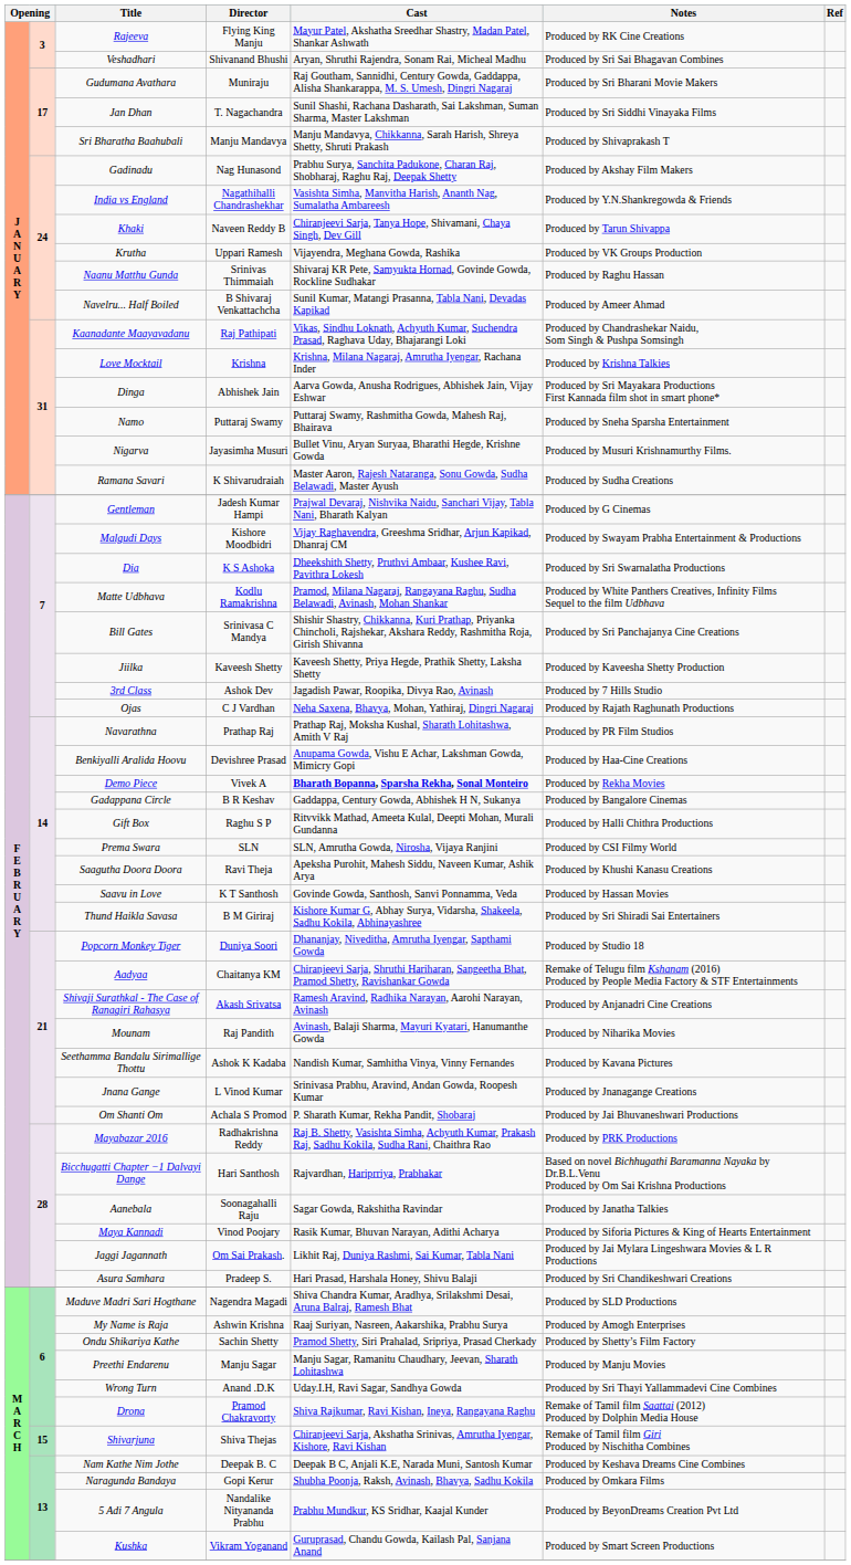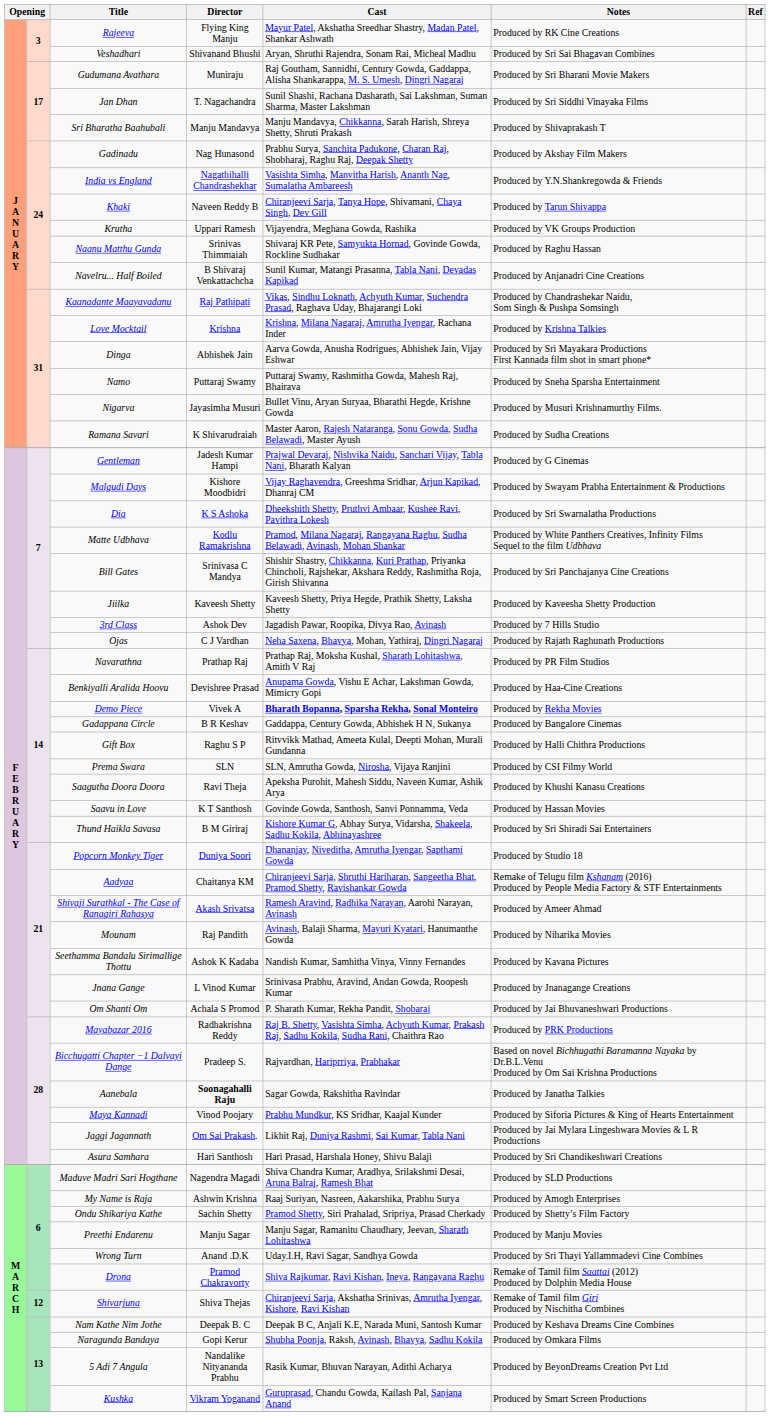 <table class="wikitable sortable">
 <tr style="background:#b0e0e6; text-align:center;">
 <th colspan="2" style="width:6%;"><strong>Opening</strong></th>
 <th style="width:18%;"><strong>Title</strong></th>
 <th style="width:10%;"><strong>Director</strong></th>
 <th style="width:30%;"><strong>Cast</strong></th>
 <th>Notes</th>
 <th>Ref</th>
 </tr>
 <tr January!>
 <td rowspan="17"   style="text-align:center;background:#ffa07a;textcolor:#000;"><strong>J<br>A<br>N<br>U<br>A<br>R<br>Y</strong></td>
 <td rowspan="2" style="text-align:center;background:#ffdacc;"><strong>3</strong></td>
 <td align="center"><em><a href='#'>Rajeeva</a></em></td>
 <td align="center">Flying King Manju</td>
 <td><a href='#'>Mayur Patel</a>, Akshatha Sreedhar Shastry, <a href='#'>Madan Patel</a>, Shankar Ashwath</td>
 <td>Produced by RK Cine Creations</td>
 <td align="center"></td>
 </tr>
 <tr>
 <td align="center"><em>Veshadhari</em></td>
 <td align="center">Shivanand Bhushi</td>
 <td>Aryan, Shruthi Rajendra, Sonam Rai, Micheal Madhu</td>
 <td>Produced by Sri Sai Bhagavan Combines</td>
 <td align="center"></td>
 </tr>
 <tr>
 <td rowspan="3" style="text-align:center;  background:#ffdacc; textcolor:#000;"><strong>17</strong></td>
 <td align="center"><em>Gudumana Avathara</em></td>
 <td align="center">Muniraju</td>
 <td>Raj Goutham, Sannidhi, Century Gowda, Gaddappa, Alisha Shankarappa, <a href='#'>M. S. Umesh</a>, <a href='#'>Dingri Nagaraj</a></td>
 <td>Produced by Sri Bharani Movie Makers</td>
 <td align="center"></td>
 </tr>
 <tr>
 <td align="center"><em>Jan Dhan</em></td>
 <td align="center">T. Nagachandra</td>
 <td>Sunil Shashi, Rachana Dasharath, Sai Lakshman, Suman Sharma, Master Lakshman</td>
 <td>Produced by Sri Siddhi Vinayaka Films</td>
 <td align="center"></td>
 </tr>
 <tr>
 <td align="center"><em>Sri Bharatha Baahubali</em></td>
 <td align="center">Manju Mandavya</td>
 <td>Manju Mandavya, <a href='#'>Chikkanna</a>, Sarah Harish, Shreya Shetty, Shruti Prakash</td>
 <td>Produced by Shivaprakash T</td>
 <td align="center"></td>
 </tr>
 <tr>
 <td rowspan="6" style="text-align:center;  background:#ffdacc; textcolor:#000;"><strong>24</strong></td>
 <td align="center"><em>Gadinadu</em></td>
 <td align="center">Nag Hunasond</td>
 <td>Prabhu Surya, <a href='#'>Sanchita Padukone</a>, <a href='#'>Charan Raj</a>, Shobharaj, Raghu Raj, <a href='#'>Deepak Shetty</a></td>
 <td>Produced by Akshay Film Makers</td>
 <td align="center"></td>
 </tr>
 <tr>
 <td align="center"><em><a href='#'>India vs England</a></em></td>
 <td align="center"><a href='#'>Nagathihalli Chandrashekhar</a></td>
 <td><a href='#'>Vasishta Simha</a>, <a href='#'>Manvitha Harish</a>, <a href='#'>Ananth Nag</a>, <a href='#'>Sumalatha Ambareesh</a></td>
 <td>Produced by Y.N.Shankregowda & Friends</td>
 <td align="center"></td>
 </tr>
 <tr>
 <td align="center"><em><a href='#'>Khaki</a></em></td>
 <td align="center">Naveen Reddy B</td>
 <td><a href='#'>Chiranjeevi Sarja</a>, <a href='#'>Tanya Hope</a>, Shivamani, <a href='#'>Chaya Singh</a>, <a href='#'>Dev Gill</a></td>
 <td>Produced by <a href='#'>Tarun Shivappa</a></td>
 <td align="center"></td>
 </tr>
 <tr>
 <td align="center"><em>Krutha</em></td>
 <td align="center">Uppari Ramesh</td>
 <td>Vijayendra, Meghana Gowda, Rashika</td>
 <td>Produced by VK Groups Production</td>
 <td align="center"></td>
 </tr>
 <tr>
 <td align="center"><em><a href='#'>Naanu Matthu Gunda</a></em></td>
 <td align="center">Srinivas Thimmaiah</td>
 <td>Shivaraj KR Pete, <a href='#'>Samyukta Hornad</a>, Govinde Gowda, Rockline Sudhakar</td>
 <td>Produced by Raghu Hassan</td>
 <td align="center"></td>
 </tr>
 <tr>
 <td align="center"><em>Navelru... Half Boiled</em></td>
 <td align="center">B Shivaraj Venkattachcha</td>
 <td>Sunil Kumar, Matangi Prasanna, <a href='#'>Tabla Nani</a>, <a href='#'>Devadas Kapikad</a></td>
-<td>Produced by Ameer Ahmad</td>
+<td>Produced by Anjanadri Cine Creations</td>
 <td align="center"></td>
 </tr>
 <tr>
 <td rowspan="6" style="text-align:center;  background:#ffdacc; textcolor:#000;"><strong>31</strong></td>
 <td align="center"><em><a href='#'>Kaanadante Maayavadanu</a></em></td>
 <td align="center"><a href='#'>Raj Pathipati</a></td>
 <td><a href='#'>Vikas</a>, <a href='#'>Sindhu Loknath</a>, <a href='#'>Achyuth Kumar</a>, <a href='#'>Suchendra Prasad</a>, Raghava Uday, Bhajarangi Loki</td>
 <td>Produced by Chandrashekar Naidu,<br>Som Singh & Pushpa Somsingh</td>
 <td align="center"></td>
 </tr>
 <tr>
 <td align="center"><em><a href='#'>Love Mocktail</a></em></td>
 <td align="center"><a href='#'>Krishna</a></td>
 <td><a href='#'>Krishna</a>, <a href='#'>Milana Nagaraj</a>, <a href='#'>Amrutha Iyengar</a>, Rachana Inder</td>
 <td>Produced by <a href='#'>Krishna Talkies</a></td>
 <td align="center"></td>
 </tr>
 <tr>
 <td align="center"><em>Dinga</em></td>
 <td align="center">Abhishek Jain</td>
 <td>Aarva Gowda, Anusha Rodrigues, Abhishek Jain, Vijay Eshwar</td>
 <td>Produced by Sri Mayakara Productions <br> First Kannada film shot in smart phone*</td>
 <td align="center"></td>
 </tr>
 <tr>
 <td align="center"><em>Namo</em></td>
 <td align="center">Puttaraj Swamy</td>
 <td>Puttaraj Swamy, Rashmitha Gowda, Mahesh Raj, Bhairava</td>
 <td>Produced by Sneha Sparsha Entertainment</td>
 <td align="center"></td>
 </tr>
 <tr>
 <td align="center"><em>Nigarva</em></td>
 <td align="center">Jayasimha Musuri</td>
 <td>Bullet Vinu, Aryan Suryaa, Bharathi Hegde, Krishne Gowda</td>
 <td>Produced by Musuri Krishnamurthy Films.</td>
 <td align="center"></td>
 </tr>
 <tr>
 <td align="center"><em>Ramana Savari</em></td>
 <td align="center">K Shivarudraiah</td>
 <td>Master Aaron, <a href='#'>Rajesh Nataranga</a>, <a href='#'>Sonu Gowda</a>, <a href='#'>Sudha Belawadi</a>, Master Ayush</td>
 <td>Produced by Sudha Creations</td>
 <td align="center"></td>
 </tr>
 <tr>
 </tr>
 <tr February!>
 <td rowspan="30" style="text-align:center; background:#dcc7df; textcolor:#000;"><strong>F<br>E<br>B<br>R<br>U<br>A<br>R<br>Y</strong></td>
 <td rowspan="8"  style="text-align:center; background:#ede3ef;"><strong>7</strong></td>
 <td align="center"><em><a href='#'>Gentleman</a></em></td>
 <td align="center">Jadesh Kumar Hampi</td>
 <td><a href='#'>Prajwal Devaraj</a>, <a href='#'>Nishvika Naidu</a>, <a href='#'>Sanchari Vijay</a>, <a href='#'>Tabla Nani</a>, Bharath Kalyan</td>
 <td>Produced by G Cinemas</td>
 <td align="center"></td>
 </tr>
 <tr>
 <td align="center"><em><a href='#'>Malgudi Days</a></em></td>
 <td align="center">Kishore Moodbidri</td>
 <td><a href='#'>Vijay Raghavendra</a>, Greeshma Sridhar, <a href='#'>Arjun Kapikad</a>, Dhanraj CM</td>
 <td>Produced by Swayam Prabha Entertainment & Productions</td>
 <td align="center"></td>
 </tr>
 <tr>
 <td align="center"><em><a href='#'>Dia</a></em></td>
 <td align="center"><a href='#'>K S Ashoka</a></td>
 <td><a href='#'>Dheekshith Shetty</a>, <a href='#'>Pruthvi Ambaar</a>, <a href='#'>Kushee Ravi</a>, <a href='#'>Pavithra Lokesh</a></td>
 <td>Produced by Sri Swarnalatha Productions</td>
 <td align="center"></td>
 </tr>
 <tr>
 <td align="center"><em>Matte Udbhava</em></td>
 <td align="center"><a href='#'>Kodlu Ramakrishna</a></td>
 <td><a href='#'>Pramod</a>, <a href='#'>Milana Nagaraj</a>, <a href='#'>Rangayana Raghu</a>, <a href='#'>Sudha Belawadi</a>, <a href='#'>Avinash</a>, <a href='#'>Mohan Shankar</a></td>
 <td>Produced by White Panthers Creatives, Infinity Films <br> Sequel to the film <em>Udbhava</em></td>
 <td align="center"></td>
 </tr>
 <tr>
 <td align="center"><em>Bill Gates</em></td>
 <td align="center">Srinivasa C Mandya</td>
 <td>Shishir Shastry, <a href='#'>Chikkanna</a>, <a href='#'>Kuri Prathap</a>, Priyanka Chincholi, Rajshekar, Akshara Reddy, Rashmitha Roja, Girish Shivanna</td>
 <td>Produced by Sri Panchajanya Cine Creations</td>
 <td align="center"></td>
 </tr>
 <tr>
 <td align="center"><em>Jiilka</em></td>
 <td align="center">Kaveesh Shetty</td>
 <td>Kaveesh Shetty, Priya Hegde, Prathik Shetty, Laksha Shetty</td>
 <td>Produced by Kaveesha Shetty Production</td>
 <td align="center"></td>
 </tr>
 <tr>
 <td align="center"><em><a href='#'>3rd Class</a></em></td>
 <td align="center">Ashok Dev</td>
 <td>Jagadish Pawar, Roopika, Divya Rao, <a href='#'>Avinash</a></td>
 <td>Produced by 7 Hills Studio</td>
 <td align="center"></td>
 </tr>
 <tr>
 <td align="center"><em>Ojas</em></td>
 <td align="center">C J Vardhan</td>
 <td><a href='#'>Neha Saxena</a>, <a href='#'>Bhavya</a>, Mohan, Yathiraj, <a href='#'>Dingri Nagaraj</a></td>
 <td>Produced by Rajath Raghunath Productions</td>
 <td align="center"></td>
 </tr>
 <tr>
 <td rowspan="9"  style="text-align:center; background:#ede3ef;"><strong>14</strong></td>
 <td align="center"><em>Navarathna</em></td>
 <td align="center">Prathap Raj</td>
 <td>Prathap Raj, Moksha Kushal, <a href='#'>Sharath Lohitashwa</a>, Amith V Raj</td>
 <td>Produced by PR Film Studios</td>
 <td align="center"></td>
 </tr>
 <tr>
 <td align="center"><em>Benkiyalli Aralida Hoovu</em></td>
 <td align="center">Devishree Prasad</td>
 <td><a href='#'>Anupama Gowda</a>, Vishu E Achar, Lakshman Gowda, Mimicry Gopi</td>
 <td>Produced by Haa-Cine Creations</td>
 <td align="center"></td>
 </tr>
 <tr>
 <td align="center"><em><a href='#'>Demo Piece</a></em></td>
 <td align="center">Vivek A</td>
 <td><strong><a href='#'>Bharath Bopanna</a>, <a href='#'>Sparsha Rekha</a>, <a href='#'>Sonal Monteiro</a></strong></td>
 <td>Produced by <a href='#'>Rekha Movies</a></td>
 <td align="center"></td>
 </tr>
 <tr>
 <td align="center"><em>Gadappana Circle</em></td>
 <td align="center">B R Keshav</td>
 <td>Gaddappa, Century Gowda, Abhishek H N, Sukanya</td>
 <td>Produced by Bangalore Cinemas</td>
 <td align="center"></td>
 </tr>
 <tr>
 <td align="center"><em>Gift Box</em></td>
 <td align="center">Raghu S P</td>
 <td>Ritvvikk Mathad, Ameeta Kulal, Deepti Mohan, Murali Gundanna</td>
 <td>Produced by Halli Chithra Productions</td>
 <td align="center"></td>
 </tr>
 <tr>
 <td align="center"><em>Prema Swara</em></td>
 <td align="center">SLN</td>
 <td>SLN, Amrutha Gowda, <a href='#'>Nirosha</a>, Vijaya Ranjini</td>
 <td>Produced by CSI Filmy World</td>
 <td align="center"></td>
 </tr>
 <tr>
 <td align="center"><em>Saagutha Doora Doora</em></td>
 <td align="center">Ravi Theja</td>
 <td>Apeksha Purohit, Mahesh Siddu, Naveen Kumar, Ashik Arya</td>
 <td>Produced by Khushi Kanasu Creations</td>
 <td align="center"></td>
 </tr>
 <tr>
 <td align="center"><em>Saavu in Love</em></td>
 <td align="center">K T Santhosh</td>
 <td>Govinde Gowda, Santhosh, Sanvi Ponnamma, Veda</td>
 <td>Produced by Hassan Movies</td>
 <td align="center"></td>
 </tr>
 <tr>
 <td align="center"><em>Thund Haikla Savasa</em></td>
 <td align="center">B M Giriraj</td>
 <td><a href='#'>Kishore Kumar G</a>, Abhay Surya, Vidarsha, <a href='#'>Shakeela</a>, <a href='#'>Sadhu Kokila</a>, <a href='#'>Abhinayashree</a></td>
 <td>Produced by Sri Shiradi Sai Entertainers</td>
 <td align="center"></td>
 </tr>
 <tr>
 <td rowspan="7"  style="text-align:center; background:#ede3ef;"><strong>21</strong></td>
 <td align="center"><em><a href='#'>Popcorn Monkey Tiger</a></em></td>
 <td align="center"><a href='#'>Duniya Soori</a></td>
 <td><a href='#'>Dhananjay</a>, <a href='#'>Niveditha</a>, <a href='#'>Amrutha Iyengar</a>, <a href='#'>Sapthami Gowda</a></td>
 <td>Produced by Studio 18</td>
 <td align="center"></td>
 </tr>
 <tr>
 <td align="center"><em><a href='#'>Aadyaa</a></em></td>
 <td align="center">Chaitanya KM</td>
 <td><a href='#'>Chiranjeevi Sarja</a>, <a href='#'>Shruthi Hariharan</a>, <a href='#'>Sangeetha Bhat</a>, <a href='#'>Pramod Shetty</a>, <a href='#'>Ravishankar Gowda</a></td>
 <td>Remake of Telugu film <em><a href='#'>Kshanam</a></em> (2016) <br> Produced by People Media Factory & STF Entertainments</td>
 <td align="center"></td>
 </tr>
 <tr>
 <td align="center"><em><a href='#'>Shivaji Surathkal - The Case of Ranagiri Rahasya</a> </em></td>
 <td align="center"><a href='#'>Akash Srivatsa</a></td>
 <td><a href='#'>Ramesh Aravind</a>, <a href='#'>Radhika Narayan</a>, Aarohi Narayan, <a href='#'>Avinash</a></td>
-<td>Produced by Anjanadri Cine Creations</td>
+<td>Produced by Ameer Ahmad</td>
 <td align="center"></td>
 </tr>
 <tr>
 <td align="center"><em>Mounam</em></td>
 <td align="center">Raj Pandith</td>
 <td><a href='#'>Avinash</a>, Balaji Sharma, <a href='#'>Mayuri Kyatari</a>, Hanumanthe Gowda</td>
 <td>Produced by Niharika Movies</td>
 <td align="center"></td>
 </tr>
 <tr>
 <td align="center"><em>Seethamma Bandalu Sirimallige Thottu</em></td>
 <td align="center">Ashok K Kadaba</td>
 <td>Nandish Kumar, Samhitha Vinya, Vinny Fernandes</td>
 <td>Produced by Kavana Pictures</td>
 <td align="center"></td>
 </tr>
 <tr>
 <td align="center"><em>Jnana Gange</em></td>
 <td align="center">L Vinod Kumar</td>
 <td>Srinivasa Prabhu, Aravind, Andan Gowda, Roopesh Kumar</td>
 <td>Produced by Jnanagange Creations</td>
 <td align="center"></td>
 </tr>
 <tr>
 <td align="center"><em>Om Shanti Om</em></td>
 <td align="center">Achala S Promod</td>
 <td>P. Sharath Kumar, Rekha Pandit, <a href='#'>Shobaraj</a></td>
 <td>Produced by Jai Bhuvaneshwari Productions</td>
 <td align="center"></td>
 </tr>
 <tr>
 <td rowspan="6" style="text-align:center; background:#ede3ef;"><strong>28</strong></td>
 <td align="center"><em><a href='#'>Mayabazar 2016</a></em></td>
 <td align="center">Radhakrishna Reddy</td>
 <td><a href='#'>Raj B. Shetty</a>, <a href='#'>Vasishta Simha</a>, <a href='#'>Achyuth Kumar</a>, <a href='#'>Prakash Raj</a>, <a href='#'>Sadhu Kokila</a>, <a href='#'>Sudha Rani</a>, Chaithra Rao</td>
 <td>Produced by <a href='#'>PRK Productions</a></td>
 <td align="center"></td>
 </tr>
 <tr>
 <td align="center"><em><a href='#'>Bicchugatti Chapter −1 Dalvayi Dange</a></em></td>
-<td align="center">Hari Santhosh</td>
+<td align="center">Pradeep S.</td>
 <td>Rajvardhan, <a href='#'>Hariprriya</a>, <a href='#'>Prabhakar</a></td>
 <td>Based on novel <em>Bichhugathi Baramanna Nayaka</em> by Dr.B.L.Venu <br> Produced by Om Sai Krishna Productions</td>
 <td align="center"></td>
 </tr>
 <tr>
 <td align="center"><em>Aanebala</em></td>
-<td align="center">Soonagahalli Raju</td>
+<td align="center"><strong>Soonagahalli Raju</strong></td>
 <td>Sagar Gowda, Rakshitha Ravindar</td>
 <td>Produced by Janatha Talkies</td>
 <td align="center"></td>
 </tr>
 <tr>
 <td align="center"><em><a href='#'>Maya Kannadi</a></em></td>
 <td align="center">Vinod Poojary</td>
-<td>Rasik Kumar, Bhuvan Narayan, Adithi Acharya</td>
+<td><a href='#'>Prabhu Mundkur</a>, KS Sridhar, Kaajal Kunder</td>
 <td>Produced by Siforia Pictures & King of Hearts Entertainment</td>
 <td align="center"></td>
 </tr>
 <tr>
 <td align="center"><em>Jaggi Jagannath</em></td>
 <td align="center"><a href='#'>Om Sai Prakash</a>.</td>
 <td>Likhit Raj, <a href='#'>Duniya Rashmi</a>, <a href='#'>Sai Kumar</a>, <a href='#'>Tabla Nani</a></td>
 <td>Produced by Jai Mylara Lingeshwara Movies & L R Productions</td>
 <td align="center"></td>
 </tr>
 <tr>
 <td align="center"><em>Asura Samhara</em></td>
-<td align="center">Pradeep S.</td>
+<td align="center">Hari Santhosh</td>
 <td>Hari Prasad, Harshala Honey, Shivu Balaji</td>
 <td>Produced by Sri Chandikeshwari Creations</td>
 <td align="center"></td>
 </tr>
 <tr>
 </tr>
 <tr MARCH!>
 <td rowspan="11"   style="text-align:center; background:#98fb98; textcolor:#000;"><strong>M<br>A<br>R<br>C<br>H</strong></td>
 <td rowspan="6" style="text-align:center; background:#a8e4bc;"><strong>6</strong></td>
 <td align="center"><em>Maduve Madri Sari Hogthane</em></td>
 <td align="center">Nagendra Magadi</td>
 <td>Shiva Chandra Kumar, Aradhya, Srilakshmi Desai, <a href='#'>Aruna Balraj</a>, <a href='#'>Ramesh Bhat</a></td>
 <td>Produced by SLD Productions</td>
 <td align="center"></td>
 </tr>
 <tr>
 <td align="center"><em>My Name is Raja</em></td>
 <td align="center">Ashwin Krishna</td>
 <td>Raaj Suriyan, Nasreen, Aakarshika, Prabhu Surya</td>
 <td>Produced by Amogh Enterprises</td>
 <td align="center"></td>
 </tr>
 <tr>
 <td align="center"><em>Ondu Shikariya Kathe</em></td>
 <td align="center">Sachin Shetty</td>
 <td><a href='#'>Pramod Shetty</a>, Siri Prahalad, Sripriya, Prasad Cherkady</td>
 <td>Produced by Shetty’s Film Factory</td>
 <td align="center"></td>
 </tr>
 <tr>
 <td align="center"><em>Preethi Endarenu</em></td>
 <td align="center">Manju Sagar</td>
 <td>Manju Sagar, Ramanitu Chaudhary, Jeevan, <a href='#'>Sharath Lohitashwa</a></td>
 <td>Produced by Manju Movies</td>
 <td align="center"></td>
 </tr>
 <tr>
 <td align="center"><em>Wrong Turn</em></td>
 <td align="center">Anand .D.K</td>
 <td>Uday.I.H, Ravi Sagar, Sandhya Gowda</td>
 <td>Produced by Sri Thayi Yallammadevi Cine Combines</td>
 <td align="center"></td>
 </tr>
 <tr>
 <td align="center"><em><a href='#'>Drona</a></em></td>
 <td align="center"><a href='#'>Pramod Chakravorty</a></td>
 <td><a href='#'>Shiva Rajkumar</a>, <a href='#'>Ravi Kishan</a>, <a href='#'>Ineya</a>, <a href='#'>Rangayana Raghu</a></td>
 <td>Remake of Tamil film <em><a href='#'>Saattai</a></em> (2012)<br> Produced by Dolphin Media House</td>
 <td align="center"></td>
 </tr>
 <tr>
-<td rowspan="1" style="text-align:center; background:#a8e4bc;"><strong>15</strong></td>
+<td rowspan="1" style="text-align:center; background:#a8e4bc;"><strong>12</strong></td>
 <td align="center"><em><a href='#'>Shivarjuna</a></em></td>
 <td align="center">Shiva Thejas</td>
 <td><a href='#'>Chiranjeevi Sarja</a>, Akshatha Srinivas, <a href='#'>Amrutha Iyengar</a>, <a href='#'>Kishore</a>, <a href='#'>Ravi Kishan</a></td>
 <td>Remake of Tamil film <em><a href='#'>Giri</a></em> <br> Produced by Nischitha Combines</td>
 <td align="center"></td>
 </tr>
 <tr>
 <td rowspan="4" style="text-align:center; background:#a8e4bc;"><strong>13</strong></td>
 <td align="center"><em>Nam Kathe Nim Jothe</em></td>
 <td align="center">Deepak B. C</td>
 <td>Deepak B C, Anjali K.E, Narada Muni, Santosh Kumar</td>
 <td>Produced by Keshava Dreams Cine Combines</td>
 <td align="center"></td>
 </tr>
 <tr>
 <td align="center"><em>Naragunda Bandaya</em></td>
 <td align="center">Gopi Kerur</td>
 <td><a href='#'>Shubha Poonja</a>, Raksh, <a href='#'>Avinash</a>, <a href='#'>Bhavya</a>, <a href='#'>Sadhu Kokila</a></td>
 <td>Produced by Omkara Films</td>
 <td align="center"></td>
 </tr>
 <tr>
 <td align="center"><em>5 Adi 7 Angula</em></td>
 <td align="center">Nandalike Nityananda Prabhu</td>
-<td><a href='#'>Prabhu Mundkur</a>, KS Sridhar, Kaajal Kunder</td>
+<td>Rasik Kumar, Bhuvan Narayan, Adithi Acharya</td>
 <td>Produced by BeyonDreams Creation Pvt Ltd</td>
 <td align="center"></td>
 </tr>
 <tr>
 <td align="center"><em><a href='#'>Kushka</a></em></td>
 <td align="center"><a href='#'>Vikram Yoganand</a></td>
 <td><a href='#'>Guruprasad</a>, Chandu Gowda, Kailash Pal, <a href='#'>Sanjana Anand</a></td>
 <td>Produced by Smart Screen Productions</td>
 <td align="center"></td>
 </tr>
 <tr>
 </tr>
 </table>
